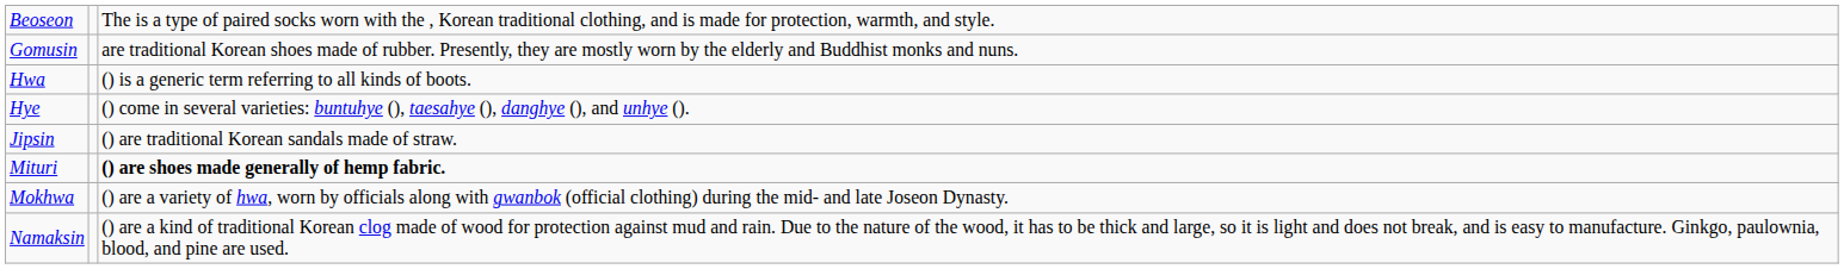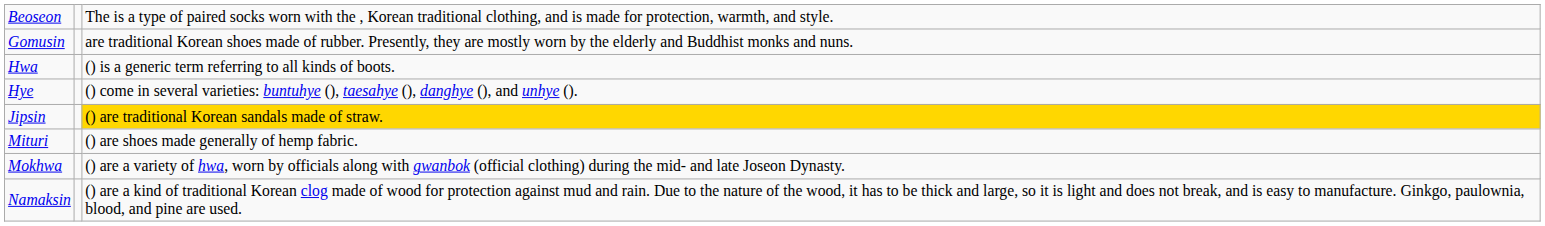 <table class="wikitable" border="1">
 <tr>
 <td><em><a href='#'>Beoseon</a></em></td>
 <td></td>
 <td>The  is a type of paired socks worn with the , Korean traditional clothing, and is made for protection, warmth, and style.</td>
 </tr>
 <tr>
 <td><em><a href='#'>Gomusin</a></em></td>
 <td></td>
 <td> are traditional Korean shoes made of rubber. Presently, they are mostly worn by the elderly and Buddhist monks and nuns.</td>
 </tr>
 <tr>
 <td><em><a href='#'>Hwa</a></em></td>
 <td></td>
 <td> () is a generic term referring to all kinds of boots.</td>
 </tr>
 <tr>
 <td><a href='#'><em>Hye</em></a></td>
 <td></td>
 <td> () come in several varieties: <em><a href='#'>buntuhye</a></em> (), <em><a href='#'>taesahye</a></em> (), <em><a href='#'>danghye</a></em> (), and <em><a href='#'>unhye</a></em> ().</td>
 </tr>
 <tr>
 <td><em><a href='#'>Jipsin</a></em></td>
 <td></td>
-<td> () are traditional Korean sandals made of straw.</td>
+<td style="background: gold;"> () are traditional Korean sandals made of straw.</td>
 </tr>
 <tr>
 <td><em><a href='#'>Mituri</a></em></td>
 <td></td>
-<td><strong> () are shoes made generally of hemp fabric.</strong></td>
+<td> () are shoes made generally of hemp fabric.</td>
 </tr>
 <tr>
 <td><em><a href='#'>Mokhwa</a></em></td>
 <td></td>
 <td> () are a variety of <em><a href='#'>hwa</a></em>, worn by officials along with <em><a href='#'>gwanbok</a></em> (official clothing) during the mid- and late Joseon Dynasty.</td>
 </tr>
 <tr>
 <td><em><a href='#'>Namaksin</a></em></td>
 <td></td>
 <td> () are a kind of traditional Korean <a href='#'>clog</a> made of wood for protection against mud and rain. Due to the nature of the wood, it has to be thick and large, so it is light and does not break, and is easy to manufacture. Ginkgo, paulownia, blood, and pine are used.</td>
 </tr>
 </table>
